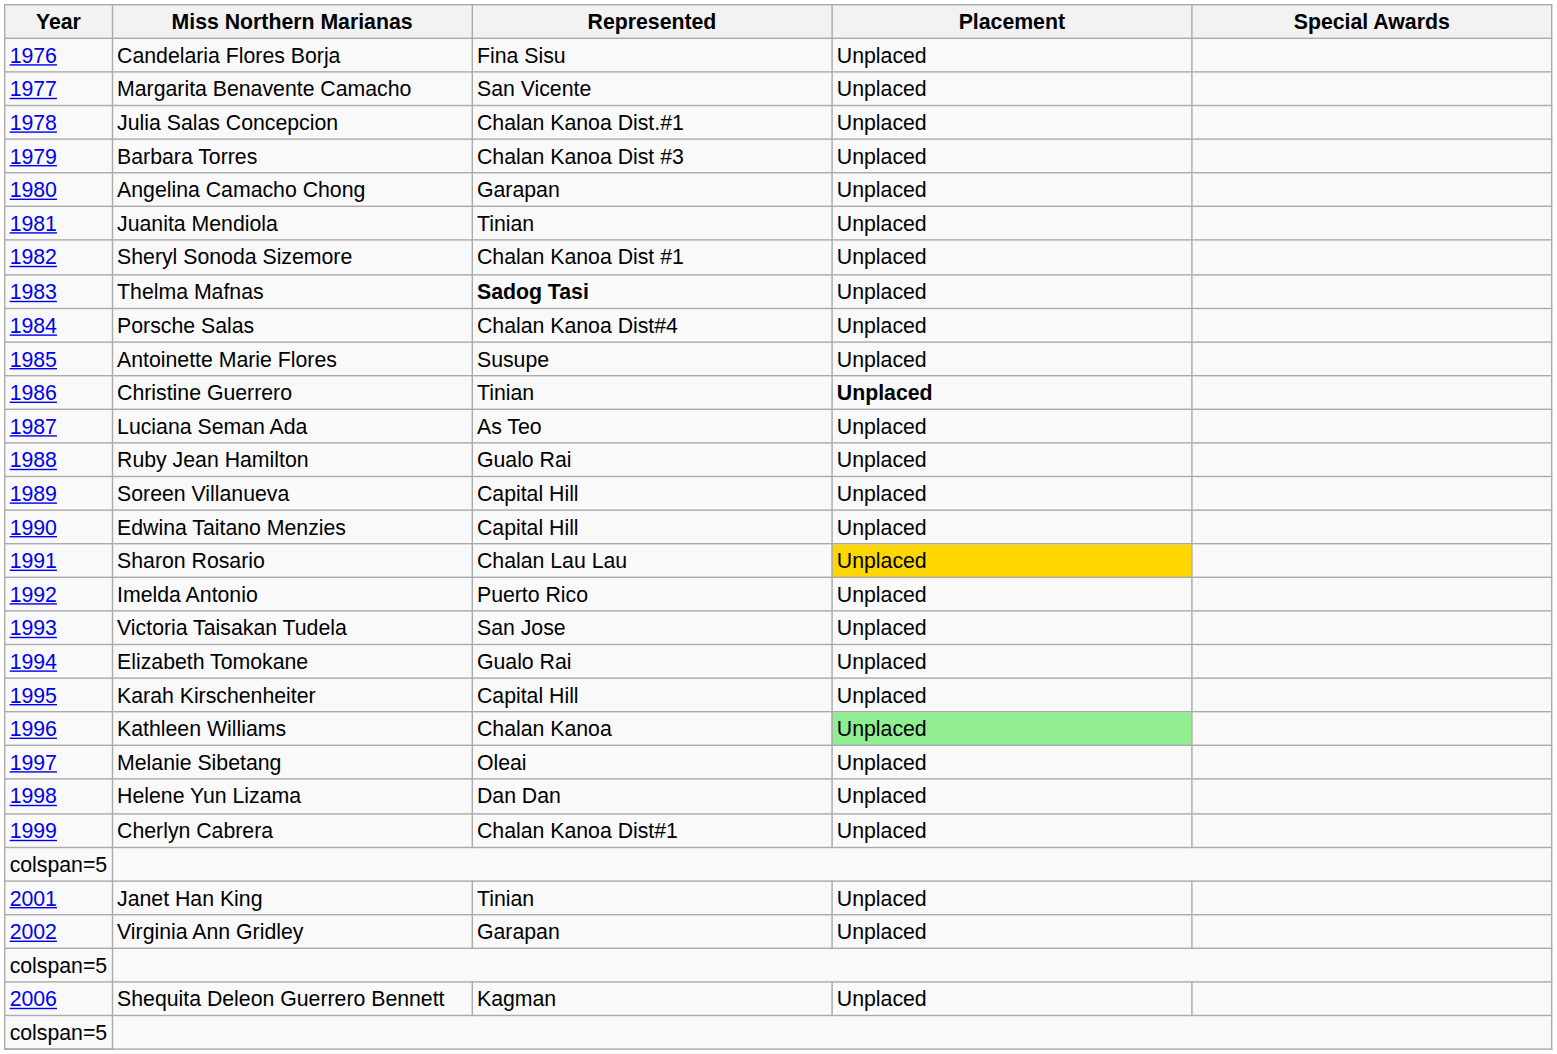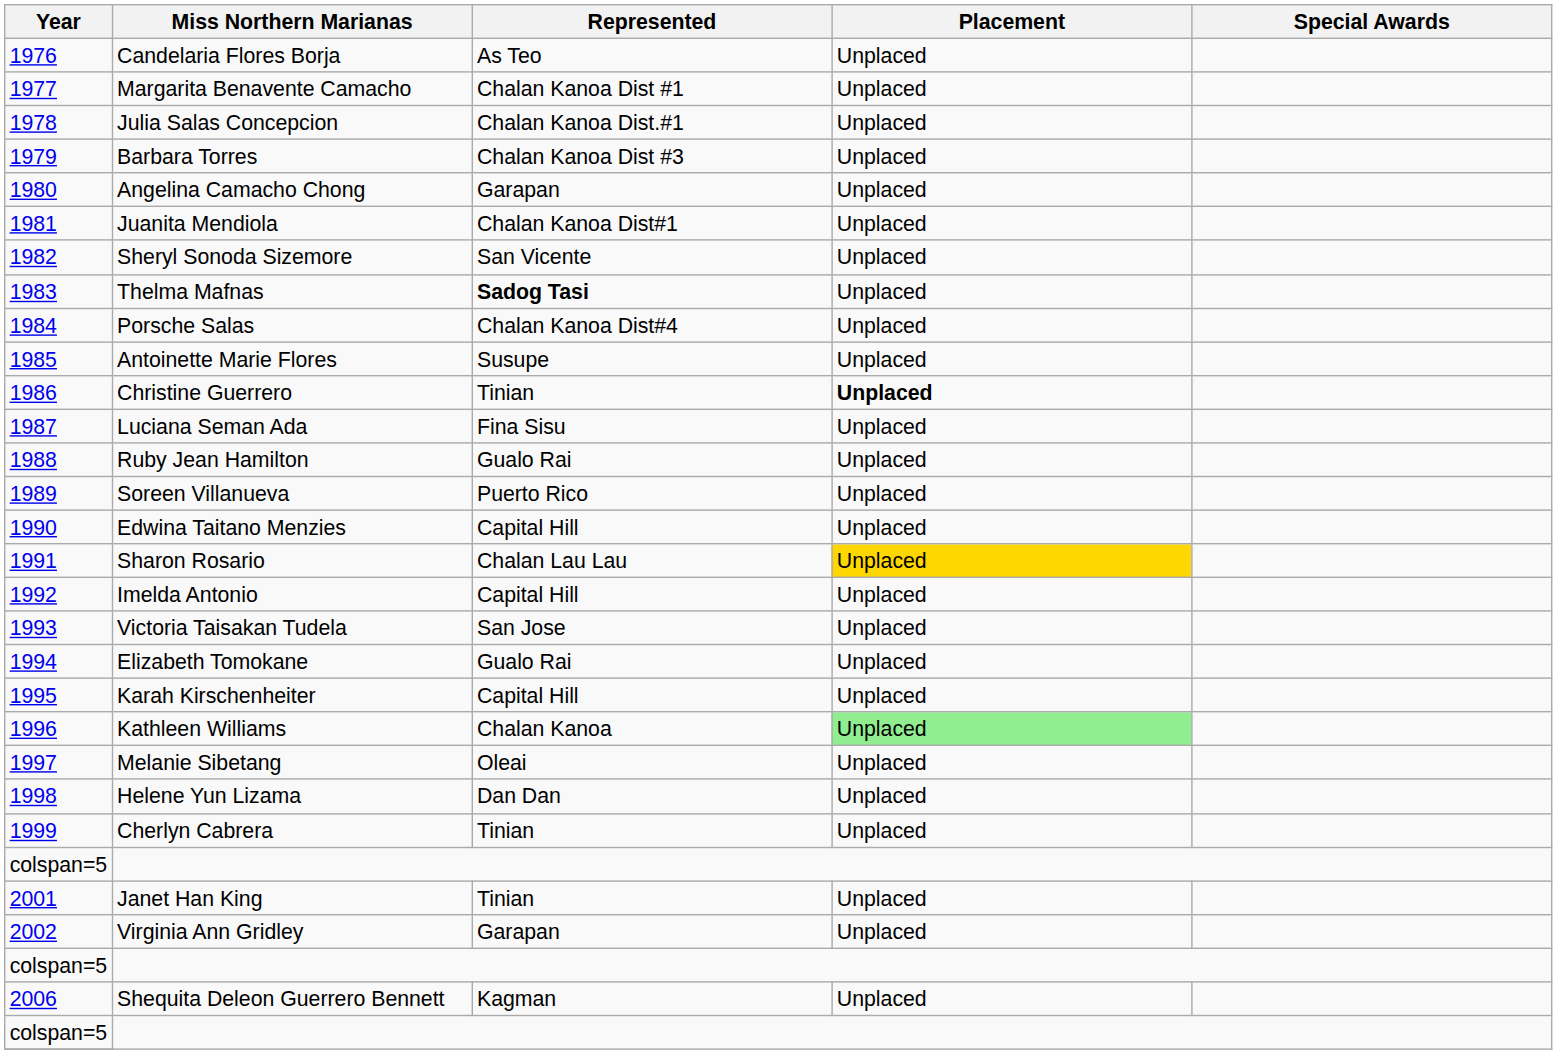 <table class="wikitable " style="font-size: 95%;">
 <tr>
 <th width="60">Year</th>
 <th width="250">Miss Northern Marianas</th>
 <th width="250">Represented</th>
 <th width="250">Placement</th>
 <th width="250">Special Awards</th>
 </tr>
 <tr>
 <td><a href='#'>1976</a></td>
 <td>Candelaria Flores Borja</td>
-<td>Fina Sisu</td>
+<td>As Teo</td>
 <td>Unplaced</td>
 <td></td>
 </tr>
 <tr>
 <td><a href='#'>1977</a></td>
 <td>Margarita Benavente Camacho</td>
-<td>San Vicente</td>
+<td>Chalan Kanoa Dist #1</td>
 <td>Unplaced</td>
 <td></td>
 </tr>
 <tr>
 <td><a href='#'>1978</a></td>
 <td>Julia Salas Concepcion</td>
 <td>Chalan Kanoa Dist.#1</td>
 <td>Unplaced</td>
 <td></td>
 </tr>
 <tr>
 <td><a href='#'>1979</a></td>
 <td>Barbara Torres</td>
 <td>Chalan Kanoa Dist #3</td>
 <td>Unplaced</td>
 <td></td>
 </tr>
 <tr>
 <td><a href='#'>1980</a></td>
 <td>Angelina Camacho Chong</td>
 <td>Garapan</td>
 <td>Unplaced</td>
 <td></td>
 </tr>
 <tr>
 <td><a href='#'>1981</a></td>
 <td>Juanita Mendiola</td>
-<td>Tinian</td>
+<td>Chalan Kanoa Dist#1</td>
 <td>Unplaced</td>
 <td></td>
 </tr>
 <tr>
 <td><a href='#'>1982</a></td>
 <td>Sheryl Sonoda Sizemore</td>
-<td>Chalan Kanoa Dist #1</td>
+<td>San Vicente</td>
 <td>Unplaced</td>
 <td></td>
 </tr>
 <tr>
 <td><a href='#'>1983</a></td>
 <td>Thelma Mafnas</td>
 <td><strong>Sadog Tasi</strong></td>
 <td>Unplaced</td>
 <td></td>
 </tr>
 <tr>
 <td><a href='#'>1984</a></td>
 <td>Porsche Salas</td>
 <td>Chalan Kanoa Dist#4</td>
 <td>Unplaced</td>
 <td></td>
 </tr>
 <tr>
 <td><a href='#'>1985</a></td>
 <td>Antoinette Marie Flores</td>
 <td>Susupe</td>
 <td>Unplaced</td>
 <td></td>
 </tr>
 <tr>
 <td><a href='#'>1986</a></td>
 <td>Christine Guerrero</td>
 <td>Tinian</td>
 <td><strong>Unplaced</strong></td>
 <td></td>
 </tr>
 <tr>
 <td><a href='#'>1987</a></td>
 <td>Luciana Seman Ada</td>
-<td>As Teo</td>
+<td>Fina Sisu</td>
 <td>Unplaced</td>
 <td></td>
 </tr>
 <tr>
 <td><a href='#'>1988</a></td>
 <td>Ruby Jean Hamilton</td>
 <td>Gualo Rai</td>
 <td>Unplaced</td>
 <td></td>
 </tr>
 <tr>
 <td><a href='#'>1989</a></td>
 <td>Soreen Villanueva</td>
-<td>Capital Hill</td>
+<td>Puerto Rico</td>
 <td>Unplaced</td>
 <td></td>
 </tr>
 <tr>
 <td><a href='#'>1990</a></td>
 <td>Edwina Taitano Menzies</td>
 <td>Capital Hill</td>
 <td>Unplaced</td>
 <td></td>
 </tr>
 <tr>
 <td><a href='#'>1991</a></td>
 <td>Sharon Rosario</td>
 <td>Chalan Lau Lau</td>
 <td style="background: gold;">Unplaced</td>
 <td></td>
 </tr>
 <tr>
 <td><a href='#'>1992</a></td>
 <td>Imelda Antonio</td>
-<td>Puerto Rico</td>
+<td>Capital Hill</td>
 <td>Unplaced</td>
 <td></td>
 </tr>
 <tr>
 <td><a href='#'>1993</a></td>
 <td>Victoria Taisakan Tudela</td>
 <td>San Jose</td>
 <td>Unplaced</td>
 <td></td>
 </tr>
 <tr>
 <td><a href='#'>1994</a></td>
 <td>Elizabeth Tomokane</td>
 <td>Gualo Rai</td>
 <td>Unplaced</td>
 <td></td>
 </tr>
 <tr>
 <td><a href='#'>1995</a></td>
 <td>Karah Kirschenheiter</td>
 <td>Capital Hill</td>
 <td>Unplaced</td>
 <td></td>
 </tr>
 <tr>
 <td><a href='#'>1996</a></td>
 <td>Kathleen Williams</td>
 <td>Chalan Kanoa</td>
 <td style="background: lightgreen;">Unplaced</td>
 <td></td>
 </tr>
 <tr>
 <td><a href='#'>1997</a></td>
 <td>Melanie Sibetang</td>
 <td>Oleai</td>
 <td>Unplaced</td>
 <td></td>
 </tr>
 <tr>
 <td><a href='#'>1998</a></td>
 <td>Helene Yun Lizama</td>
 <td>Dan Dan</td>
 <td>Unplaced</td>
 <td></td>
 </tr>
 <tr>
 <td><a href='#'>1999</a></td>
 <td>Cherlyn Cabrera</td>
-<td>Chalan Kanoa Dist#1</td>
+<td>Tinian</td>
 <td>Unplaced</td>
 <td></td>
 </tr>
 <tr>
 <td>colspan=5 </td>
 </tr>
 <tr>
 <td><a href='#'>2001</a></td>
 <td>Janet Han King</td>
 <td>Tinian</td>
 <td>Unplaced</td>
 <td></td>
 </tr>
 <tr>
 <td><a href='#'>2002</a></td>
 <td>Virginia Ann Gridley</td>
 <td>Garapan</td>
 <td>Unplaced</td>
 <td></td>
 </tr>
 <tr>
 <td>colspan=5 </td>
 </tr>
 <tr>
 <td><a href='#'>2006</a></td>
 <td>Shequita Deleon Guerrero Bennett</td>
 <td>Kagman</td>
 <td>Unplaced</td>
 <td></td>
 </tr>
 <tr>
 <td>colspan=5 </td>
 </tr>
 <tr>
 </tr>
 </table>
